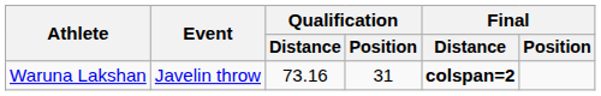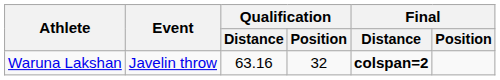 <table class=wikitable style="font-size:90%">
 <tr>
 <th rowspan="2">Athlete</th>
 <th rowspan="2">Event</th>
 <th colspan="2">Qualification</th>
 <th colspan="2">Final</th>
 </tr>
 <tr style="font-size:95%">
 <th>Distance</th>
 <th>Position</th>
 <th>Distance</th>
 <th>Position</th>
 </tr>
 <tr style=text-align:center>
 <td style=text-align:left><a href='#'>Waruna Lakshan</a></td>
 <td style=text-align:left><a href='#'>Javelin throw</a></td>
-<td>73.16</td>
-<td>31</td>
+<td>63.16</td>
+<td>32</td>
 <td><strong>colspan=2 </strong></td>
 </tr>
 </table>
